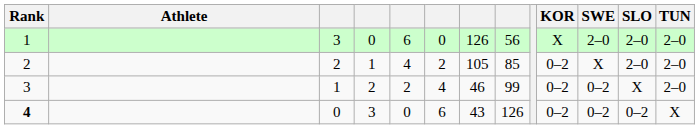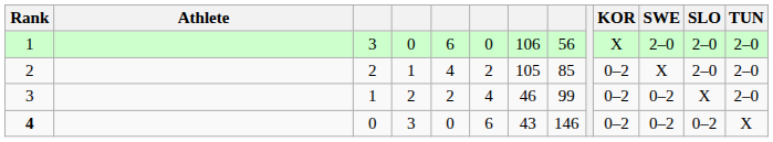 <table class="wikitable" style="text-align:center">
 <tr>
 <th width=40>Rank</th>
 <th width=280>Athlete</th>
 <th width=30></th>
 <th width=30></th>
 <th width=30></th>
 <th width=30></th>
 <th width=30></th>
 <th width=30></th>
 <th rowspan=5></th>
 <th width=30>KOR</th>
 <th width=30>SWE</th>
 <th width=30>SLO</th>
 <th width=30>TUN</th>
 </tr>
 <tr style="background-color:#ccffcc;">
 <td>1</td>
 <td align=left></td>
 <td>3</td>
 <td>0</td>
 <td>6</td>
 <td>0</td>
-<td>126</td>
+<td>106</td>
 <td>56</td>
 <td>X</td>
 <td>2–0</td>
 <td>2–0</td>
 <td>2–0</td>
 </tr>
 <tr>
 <td>2</td>
 <td align=left></td>
 <td>2</td>
 <td>1</td>
 <td>4</td>
 <td>2</td>
 <td>105</td>
 <td>85</td>
 <td>0–2</td>
 <td>X</td>
 <td>2–0</td>
 <td>2–0</td>
 </tr>
 <tr>
 <td>3</td>
 <td align=left></td>
 <td>1</td>
 <td>2</td>
 <td>2</td>
 <td>4</td>
 <td>46</td>
 <td>99</td>
 <td>0–2</td>
 <td>0–2</td>
 <td>X</td>
 <td>2–0</td>
 </tr>
 <tr>
 <td><strong>4</strong></td>
 <td align=left></td>
 <td>0</td>
 <td>3</td>
 <td>0</td>
 <td>6</td>
 <td>43</td>
-<td>126</td>
+<td>146</td>
 <td>0–2</td>
 <td>0–2</td>
 <td>0–2</td>
 <td>X</td>
 </tr>
 </table>
